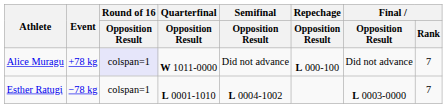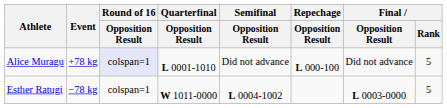 <table class="wikitable" st#le="font-size:90%">
 <tr>
 <th rowspan=2>Athlete</th>
 <th rowspan=2>Event</th>
 <th>Round of 16</th>
 <th>Quarterfinal</th>
 <th>Semifinal</th>
 <th>Repechage</th>
 <th colspan=2>Final / </th>
 </tr>
 <tr style="font-size: 95%">
 <th>Opposition<br>Result</th>
 <th>Opposition<br>Result</th>
 <th>Opposition<br>Result</th>
 <th>Opposition<br>Result</th>
 <th>Opposition<br>Result</th>
 <th>Rank</th>
 </tr>
 <tr align=center>
 <td align=left><a href='#'>Alice Muragu</a></td>
 <td align=left><a href='#'>+78 kg</a></td>
 <td style="background: lavender;">colspan=1 </td>
-<td><br><strong>W</strong> 1011-0000</td>
+<td><br><strong>L</strong> 0001-1010</td>
 <td>Did not advance</td>
 <td><br><strong>L</strong> 000-100</td>
 <td>Did not advance</td>
-<td>7</td>
+<td>5</td>
 </tr>
 <tr align=center>
 <td align=left><a href='#'>Esther Ratugi</a></td>
 <td align=left><a href='#'>−78 kg</a></td>
 <td>colspan=1 </td>
-<td><br><strong>L</strong> 0001-1010</td>
+<td><br><strong>W</strong> 1011-0000</td>
 <td><br><strong>L</strong> 0004-1002</td>
 <td></td>
 <td><br><strong>L</strong> 0003-0000</td>
-<td>7</td>
+<td>5</td>
 </tr>
 </table>
